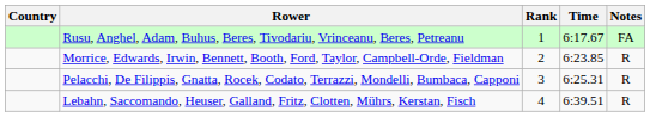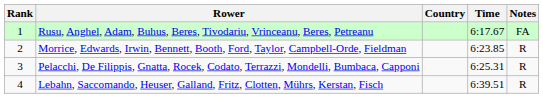 <table class="wikitable" style="text-align:center">
 <tr>
+<th>Rank</th>
+<th>Rower</th>
 <th>Country</th>
-<th>Rower</th>
-<th>Rank</th>
 <th>Time</th>
 <th>Notes</th>
 </tr>
 <tr bgcolor=ccffcc>
+<td>1</td>
+<td align="left"><a href='#'>Rusu</a>, <a href='#'>Anghel</a>, <a href='#'>Adam</a>, <a href='#'>Buhus</a>, <a href='#'>Beres</a>, <a href='#'>Tivodariu</a>, <a href='#'>Vrinceanu</a>, <a href='#'>Beres</a>, <a href='#'>Petreanu</a></td>
 <td align="left"></td>
-<td align="left"><a href='#'>Rusu</a>, <a href='#'>Anghel</a>, <a href='#'>Adam</a>, <a href='#'>Buhus</a>, <a href='#'>Beres</a>, <a href='#'>Tivodariu</a>, <a href='#'>Vrinceanu</a>, <a href='#'>Beres</a>, <a href='#'>Petreanu</a></td>
-<td>1</td>
 <td>6:17.67</td>
 <td>FA</td>
 </tr>
 <tr>
+<td>2</td>
+<td align="left"><a href='#'>Morrice</a>, <a href='#'>Edwards</a>, <a href='#'>Irwin</a>, <a href='#'>Bennett</a>, <a href='#'>Booth</a>, <a href='#'>Ford</a>, <a href='#'>Taylor</a>, <a href='#'>Campbell-Orde</a>, <a href='#'>Fieldman</a></td>
 <td align="left"></td>
-<td align="left"><a href='#'>Morrice</a>, <a href='#'>Edwards</a>, <a href='#'>Irwin</a>, <a href='#'>Bennett</a>, <a href='#'>Booth</a>, <a href='#'>Ford</a>, <a href='#'>Taylor</a>, <a href='#'>Campbell-Orde</a>, <a href='#'>Fieldman</a></td>
-<td>2</td>
 <td>6:23.85</td>
 <td>R</td>
 </tr>
 <tr>
+<td>3</td>
+<td align="left"><a href='#'>Pelacchi</a>, <a href='#'>De Filippis</a>, <a href='#'>Gnatta</a>, <a href='#'>Rocek</a>, <a href='#'>Codato</a>, <a href='#'>Terrazzi</a>, <a href='#'>Mondelli</a>, <a href='#'>Bumbaca</a>, <a href='#'>Capponi</a></td>
 <td align="left"></td>
-<td align="left"><a href='#'>Pelacchi</a>, <a href='#'>De Filippis</a>, <a href='#'>Gnatta</a>, <a href='#'>Rocek</a>, <a href='#'>Codato</a>, <a href='#'>Terrazzi</a>, <a href='#'>Mondelli</a>, <a href='#'>Bumbaca</a>, <a href='#'>Capponi</a></td>
-<td>3</td>
 <td>6:25.31</td>
 <td>R</td>
 </tr>
 <tr>
+<td>4</td>
+<td align="left"><a href='#'>Lebahn</a>, <a href='#'>Saccomando</a>, <a href='#'>Heuser</a>, <a href='#'>Galland</a>, <a href='#'>Fritz</a>, <a href='#'>Clotten</a>, <a href='#'>Mührs</a>, <a href='#'>Kerstan</a>, <a href='#'>Fisch</a></td>
 <td align="left"></td>
-<td align="left"><a href='#'>Lebahn</a>, <a href='#'>Saccomando</a>, <a href='#'>Heuser</a>, <a href='#'>Galland</a>, <a href='#'>Fritz</a>, <a href='#'>Clotten</a>, <a href='#'>Mührs</a>, <a href='#'>Kerstan</a>, <a href='#'>Fisch</a></td>
-<td>4</td>
 <td>6:39.51</td>
 <td>R</td>
 </tr>
 </table>
